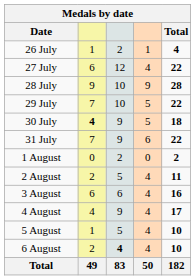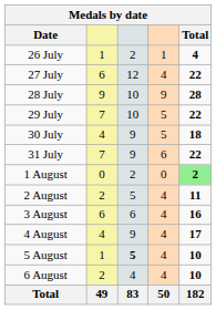 <table class="wikitable" style="font-size:90%; text-align:center;">
 <tr style="background:#efefef;">
 <th colspan=5><strong>Medals by date</strong></th>
 </tr>
 <tr>
 <th width=90><strong>Date</strong></th>
 <th width=30 style="background:#F7F6A8;"></th>
 <th width=30 style="background:#DCE5E5;"></th>
 <th width=30 style="background:#FFDAB9;"></th>
 <th width=30><strong>Total</strong></th>
 </tr>
 <tr>
 <td>26 July</td>
 <td style="background:#F7F6A8;">1</td>
 <td style="background:#DCE5E5;">2</td>
 <td style="background:#FFDAB9;">1</td>
 <td><strong>4</strong></td>
 </tr>
 <tr>
 <td>27 July</td>
 <td style="background:#F7F6A8;">6</td>
 <td style="background:#DCE5E5;">12</td>
 <td style="background:#FFDAB9;">4</td>
 <td><strong>22</strong></td>
 </tr>
 <tr>
 <td>28 July</td>
 <td style="background:#F7F6A8;">9</td>
 <td style="background:#DCE5E5;">10</td>
 <td style="background:#FFDAB9;">9</td>
 <td><strong>28</strong></td>
 </tr>
 <tr>
 <td>29 July</td>
 <td style="background:#F7F6A8;">7</td>
 <td style="background:#DCE5E5;">10</td>
 <td style="background:#FFDAB9;">5</td>
 <td><strong>22</strong></td>
 </tr>
 <tr>
 <td>30 July</td>
-<td style="background:#F7F6A8;"><strong>4</strong></td>
+<td style="background:#F7F6A8;">4</td>
 <td style="background:#DCE5E5;">9</td>
 <td style="background:#FFDAB9;">5</td>
 <td><strong>18</strong></td>
 </tr>
 <tr>
 <td>31 July</td>
 <td style="background:#F7F6A8;">7</td>
 <td style="background:#DCE5E5;">9</td>
 <td style="background:#FFDAB9;">6</td>
 <td><strong>22</strong></td>
 </tr>
 <tr>
 <td>1 August</td>
 <td style="background:#F7F6A8;">0</td>
 <td style="background:#DCE5E5;">2</td>
 <td style="background:#FFDAB9;">0</td>
-<td><strong>2</strong></td>
+<td style="background: lightgreen;"><strong>2</strong></td>
 </tr>
 <tr>
 <td>2 August</td>
 <td style="background:#F7F6A8;">2</td>
 <td style="background:#DCE5E5;">5</td>
 <td style="background:#FFDAB9;">4</td>
 <td><strong>11</strong></td>
 </tr>
 <tr>
 <td>3 August</td>
 <td style="background:#F7F6A8;">6</td>
 <td style="background:#DCE5E5;">6</td>
 <td style="background:#FFDAB9;">4</td>
 <td><strong>16</strong></td>
 </tr>
 <tr>
 <td>4 August</td>
 <td style="background:#F7F6A8;">4</td>
 <td style="background:#DCE5E5;">9</td>
 <td style="background:#FFDAB9;">4</td>
 <td><strong>17</strong></td>
 </tr>
 <tr>
 <td>5 August</td>
 <td style="background:#F7F6A8;">1</td>
-<td style="background:#DCE5E5;">5</td>
+<td style="background:#DCE5E5;"><strong>5</strong></td>
 <td style="background:#FFDAB9;">4</td>
 <td><strong>10</strong></td>
 </tr>
 <tr>
 <td>6 August</td>
 <td style="background:#F7F6A8;">2</td>
-<td style="background:#DCE5E5;"><strong>4</strong></td>
+<td style="background:#DCE5E5;">4</td>
 <td style="background:#FFDAB9;">4</td>
 <td><strong>10</strong></td>
 </tr>
 <tr>
 <th><strong>Total</strong></th>
 <th><strong>49</strong></th>
 <th><strong>83</strong></th>
 <th><strong>50</strong></th>
 <th><strong>182</strong></th>
 </tr>
 </table>
